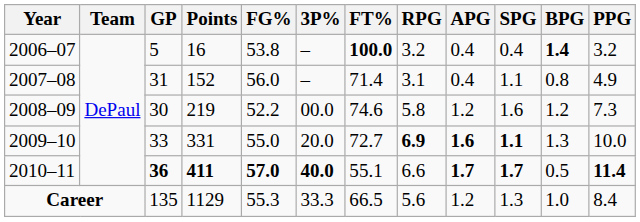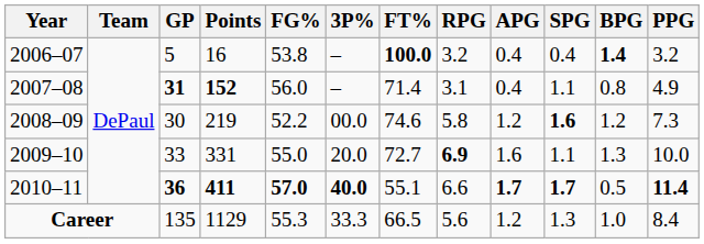 <table class="wikitable sortable">
 <tr>
 <th>Year</th>
 <th>Team</th>
 <th>GP</th>
 <th>Points</th>
 <th>FG%</th>
 <th>3P%</th>
 <th>FT%</th>
 <th>RPG</th>
 <th>APG</th>
 <th>SPG</th>
 <th>BPG</th>
 <th>PPG</th>
 </tr>
 <tr>
 <td>2006–07</td>
 <td rowspan=5><a href='#'>DePaul</a></td>
 <td>5</td>
 <td>16</td>
 <td>53.8</td>
 <td>–</td>
 <td><strong>100.0</strong></td>
 <td>3.2</td>
 <td>0.4</td>
 <td>0.4</td>
 <td><strong>1.4</strong></td>
 <td>3.2</td>
 </tr>
 <tr>
 <td>2007–08</td>
-<td>31</td>
-<td>152</td>
+<td><strong>31</strong></td>
+<td><strong>152</strong></td>
 <td>56.0</td>
 <td>–</td>
 <td>71.4</td>
 <td>3.1</td>
 <td>0.4</td>
 <td>1.1</td>
 <td>0.8</td>
 <td>4.9</td>
 </tr>
 <tr>
 <td>2008–09</td>
 <td>30</td>
 <td>219</td>
 <td>52.2</td>
 <td>00.0</td>
 <td>74.6</td>
 <td>5.8</td>
 <td>1.2</td>
-<td>1.6</td>
+<td><strong>1.6</strong></td>
 <td>1.2</td>
 <td>7.3</td>
 </tr>
 <tr>
 <td>2009–10</td>
 <td>33</td>
 <td>331</td>
 <td>55.0</td>
 <td>20.0</td>
 <td>72.7</td>
 <td><strong>6.9</strong></td>
-<td><strong>1.6</strong></td>
-<td><strong>1.1</strong></td>
+<td>1.6</td>
+<td>1.1</td>
 <td>1.3</td>
 <td>10.0</td>
 </tr>
 <tr>
 <td>2010–11</td>
 <td><strong>36</strong></td>
 <td><strong>411</strong></td>
 <td><strong>57.0</strong></td>
 <td><strong>40.0</strong></td>
 <td>55.1</td>
 <td>6.6</td>
 <td><strong>1.7</strong></td>
 <td><strong>1.7</strong></td>
 <td>0.5</td>
 <td><strong>11.4</strong></td>
 </tr>
 <tr class="sortbottom">
 <td colspan=2 align=center><strong>Career</strong></td>
 <td>135</td>
 <td>1129</td>
 <td>55.3</td>
 <td>33.3</td>
 <td>66.5</td>
 <td>5.6</td>
 <td>1.2</td>
 <td>1.3</td>
 <td>1.0</td>
 <td>8.4</td>
 </tr>
 </table>
